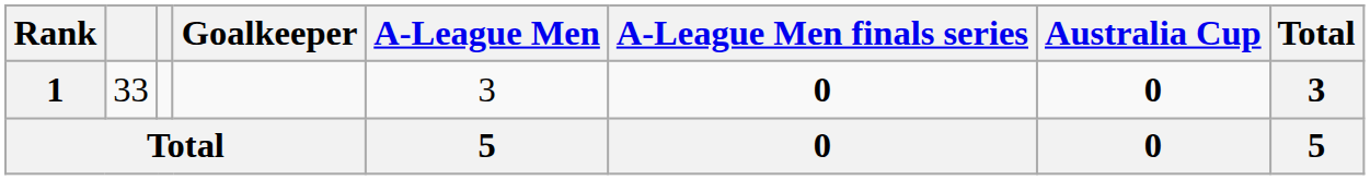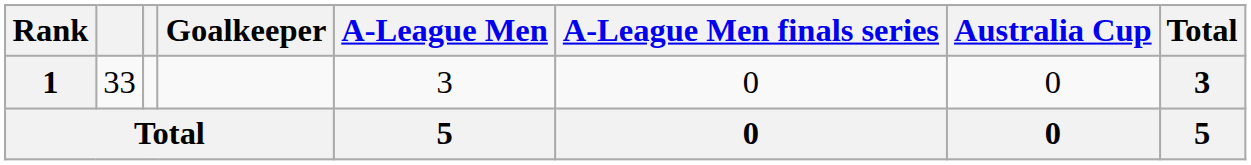 <table class="wikitable" style="text-align:center">
 <tr>
 <th>Rank</th>
 <th></th>
 <th></th>
 <th>Goalkeeper</th>
 <th><a href='#'>A-League Men</a></th>
 <th><a href='#'>A-League Men finals series</a></th>
 <th><a href='#'>Australia Cup</a></th>
 <th>Total</th>
 </tr>
 <tr>
 <th>1</th>
 <td>33</td>
 <td></td>
 <td align="left"></td>
 <td>3</td>
-<td><strong>0</strong></td>
-<td><strong>0</strong></td>
+<td>0</td>
+<td>0</td>
 <th>3</th>
 </tr>
 <tr>
 <th colspan="4">Total</th>
 <th>5</th>
 <th>0</th>
 <th>0</th>
 <th>5</th>
 </tr>
 </table>
